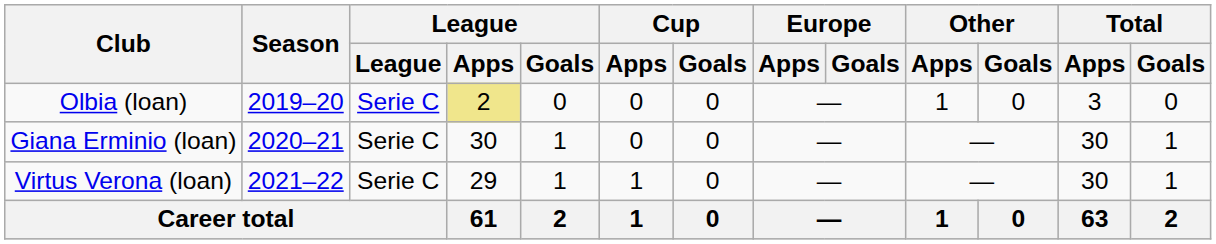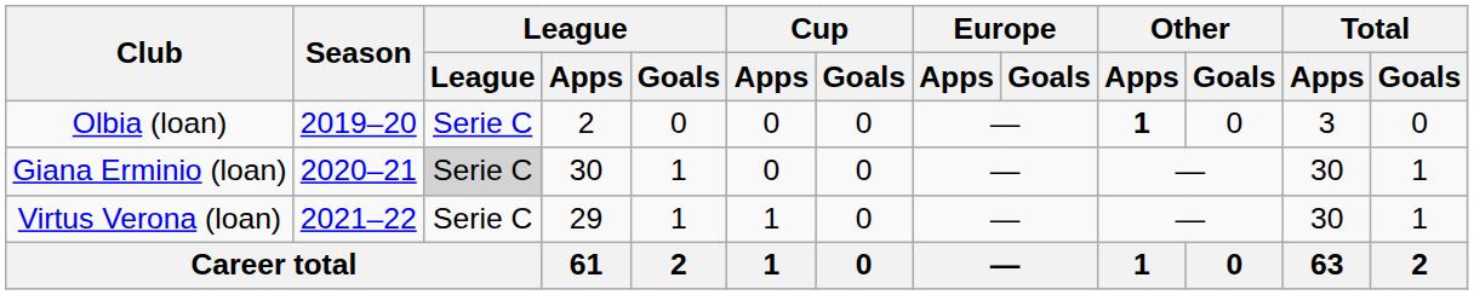 <table class="wikitable" style="text-align: center;">
 <tr>
 <th rowspan="2">Club</th>
 <th rowspan="2">Season</th>
 <th colspan="3">League</th>
 <th colspan="2">Cup</th>
 <th colspan="2">Europe</th>
 <th colspan="2">Other</th>
 <th colspan="2">Total</th>
 </tr>
 <tr>
 <th>League</th>
 <th>Apps</th>
 <th>Goals</th>
 <th>Apps</th>
 <th>Goals</th>
 <th>Apps</th>
 <th>Goals</th>
 <th>Apps</th>
 <th>Goals</th>
 <th>Apps</th>
 <th>Goals</th>
 </tr>
 <tr>
 <td><a href='#'>Olbia</a> (loan)</td>
 <td><a href='#'>2019–20</a></td>
 <td><a href='#'>Serie C</a></td>
-<td style="background: khaki;">2</td>
+<td>2</td>
 <td>0</td>
 <td>0</td>
 <td>0</td>
 <td colspan="2">—</td>
-<td>1</td>
+<td><strong>1</strong></td>
 <td>0</td>
 <td>3</td>
 <td>0</td>
 </tr>
 <tr>
 <td><a href='#'>Giana Erminio</a> (loan)</td>
 <td><a href='#'>2020–21</a></td>
-<td>Serie C</td>
+<td style="background: lightgrey;">Serie C</td>
 <td>30</td>
 <td>1</td>
 <td>0</td>
 <td>0</td>
 <td colspan="2">—</td>
 <td colspan="2">—</td>
 <td>30</td>
 <td>1</td>
 </tr>
 <tr>
 <td><a href='#'>Virtus Verona</a> (loan)</td>
 <td><a href='#'>2021–22</a></td>
 <td>Serie C</td>
 <td>29</td>
 <td>1</td>
 <td>1</td>
 <td>0</td>
 <td colspan="2">—</td>
 <td colspan="2">—</td>
 <td>30</td>
 <td>1</td>
 </tr>
 <tr>
 <th colspan="3">Career total</th>
 <th>61</th>
 <th>2</th>
 <th>1</th>
 <th>0</th>
 <th colspan="2">—</th>
 <th>1</th>
 <th>0</th>
 <th>63</th>
 <th>2</th>
 </tr>
 </table>
